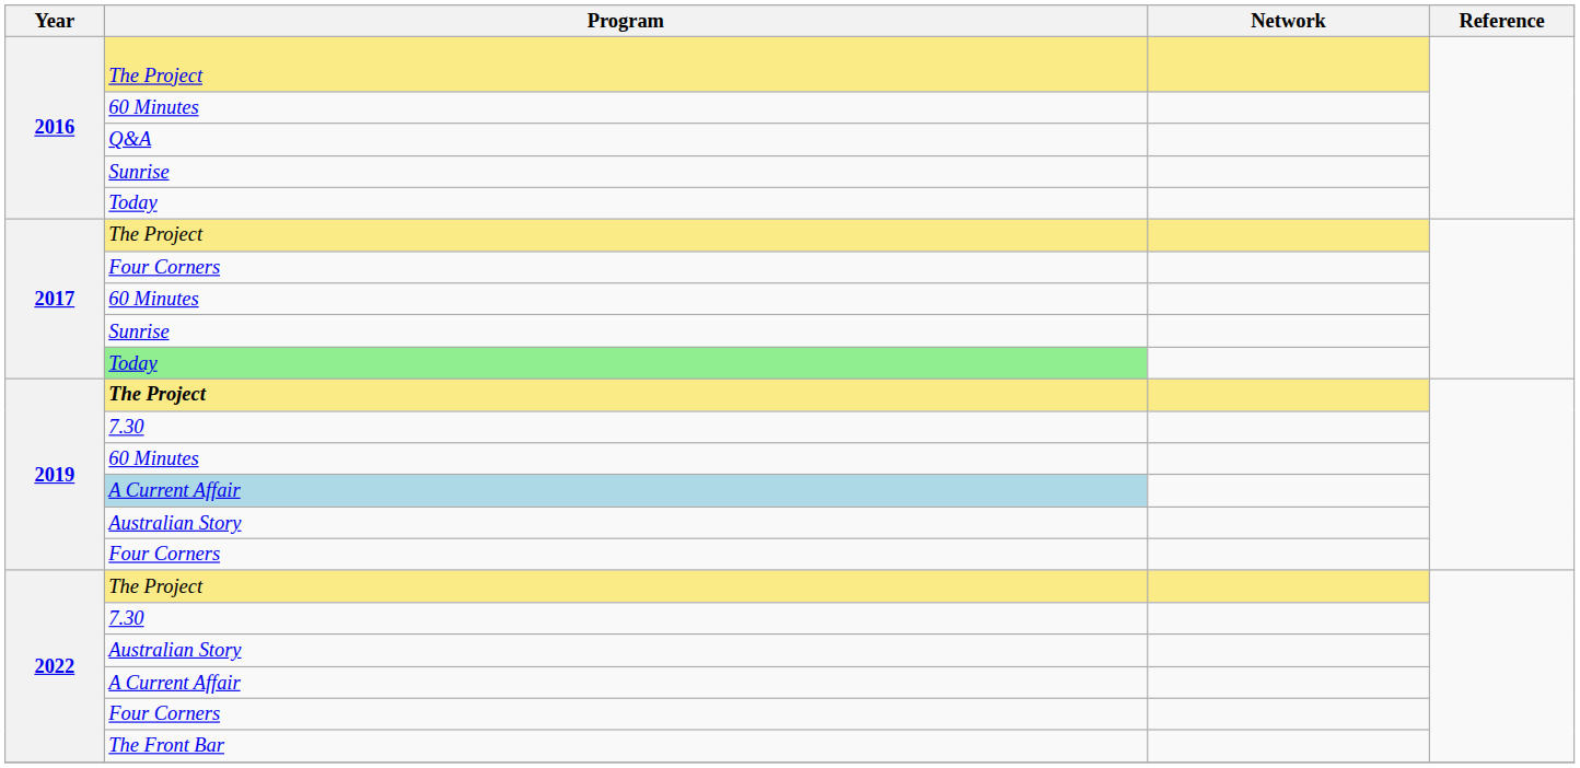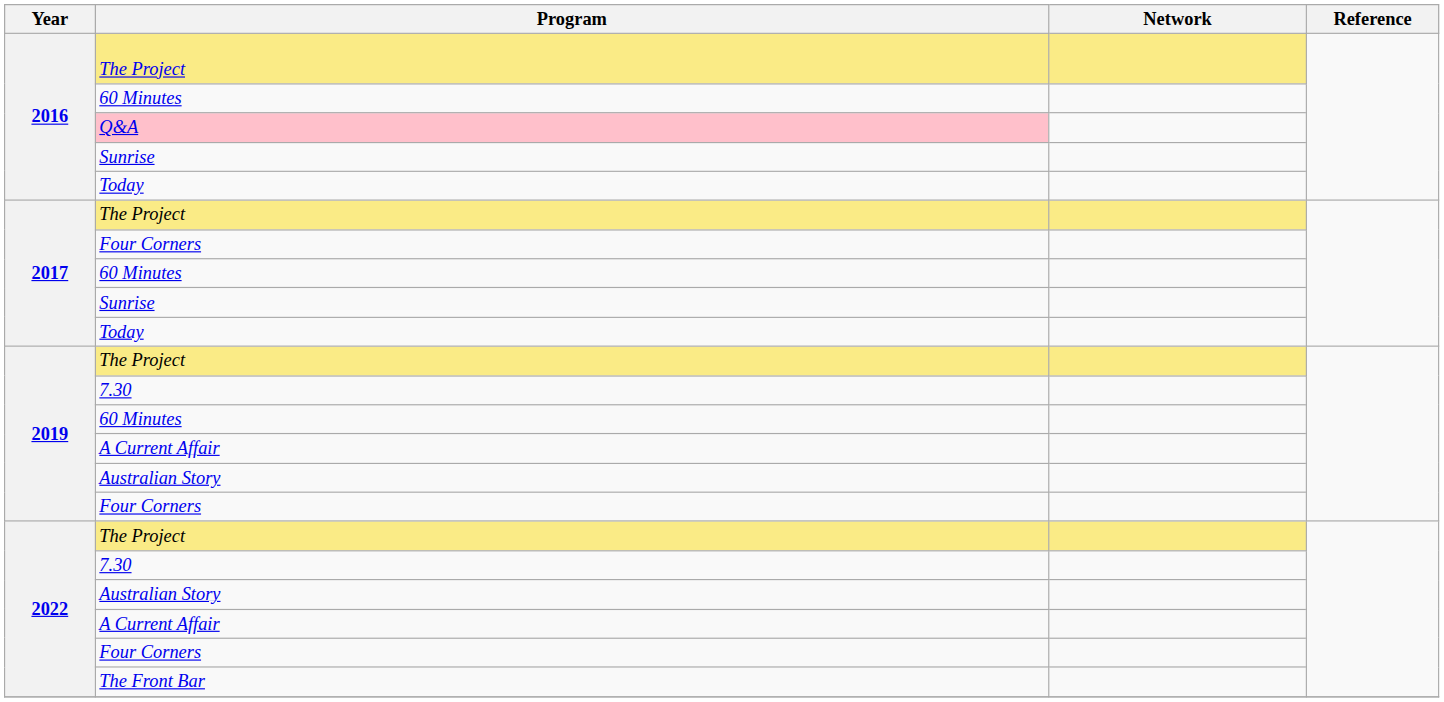 <table class="wikitable sortable">
 <tr style="background:#bebebe;">
 <th scope="col" style="width:1%;">Year</th>
 <th scope="col" style="width:16%;">Program</th>
 <th scope="col" style="width:4%;">Network</th>
 <th scope="col" style="width:1%;">Reference</th>
 </tr>
 <tr>
 <th scope="row" rowspan="5" style="text-align:center"><a href='#'>2016</a></th>
 <td style="background:#FAEB86"><br><em><a href='#'>The Project</a></em></td>
 <td style="background:#FAEB86"></td>
 <td rowspan="5"></td>
 </tr>
 <tr>
 <td><em><a href='#'>60 Minutes</a></em></td>
 <td></td>
 </tr>
 <tr>
-<td><em><a href='#'>Q&A</a></em></td>
+<td style="background: pink;"><em><a href='#'>Q&A</a></em></td>
 <td></td>
 </tr>
 <tr>
 <td><em><a href='#'>Sunrise</a></em></td>
 <td></td>
 </tr>
 <tr>
 <td><em><a href='#'>Today</a></em></td>
 <td></td>
 </tr>
 <tr>
 <th scope="row" rowspan="5" style="text-align:center"><a href='#'>2017</a></th>
 <td style="background:#FAEB86"><em>The Project</em></td>
 <td style="background:#FAEB86"></td>
 <td rowspan="5"></td>
 </tr>
 <tr>
 <td><em><a href='#'>Four Corners</a></em></td>
 <td></td>
 </tr>
 <tr>
 <td><em><a href='#'>60 Minutes</a></em></td>
 <td></td>
 </tr>
 <tr>
 <td><em><a href='#'>Sunrise</a></em></td>
 <td></td>
 </tr>
 <tr>
-<td style="background: lightgreen;"><em><a href='#'>Today</a></em></td>
+<td><em><a href='#'>Today</a></em></td>
 <td></td>
 </tr>
 <tr>
 <th scope="row" rowspan="6" style="text-align:center"><a href='#'>2019</a></th>
-<td style="background:#FAEB86"><strong><em>The Project</em></strong></td>
+<td style="background:#FAEB86"><em>The Project</em></td>
 <td style="background:#FAEB86"></td>
 <td rowspan="6"></td>
 </tr>
 <tr>
 <td><em><a href='#'>7.30</a></em></td>
 <td></td>
 </tr>
 <tr>
 <td><em><a href='#'>60 Minutes</a></em></td>
 <td></td>
 </tr>
 <tr>
-<td style="background: lightblue;"><em><a href='#'>A Current Affair</a></em></td>
+<td><em><a href='#'>A Current Affair</a></em></td>
 <td></td>
 </tr>
 <tr>
 <td><em><a href='#'>Australian Story</a></em></td>
 <td></td>
 </tr>
 <tr>
 <td><em><a href='#'>Four Corners</a></em></td>
 <td></td>
 </tr>
 <tr>
 <th scope="row" rowspan="6" style="text-align:center"><a href='#'>2022</a></th>
 <td style="background:#FAEB86"><em>The Project</em></td>
 <td style="background:#FAEB86"></td>
 <td rowspan="6"></td>
 </tr>
 <tr>
 <td><em><a href='#'>7.30</a></em></td>
 <td></td>
 </tr>
 <tr>
 <td><em><a href='#'>Australian Story</a></em></td>
 <td></td>
 </tr>
 <tr>
 <td><em><a href='#'>A Current Affair</a></em></td>
 <td></td>
 </tr>
 <tr>
 <td><em><a href='#'>Four Corners</a></em></td>
 <td></td>
 </tr>
 <tr>
 <td><em><a href='#'>The Front Bar</a></em></td>
 <td></td>
 </tr>
 <tr>
 </tr>
 </table>
